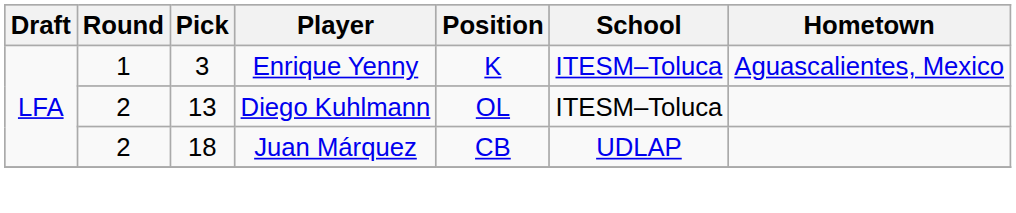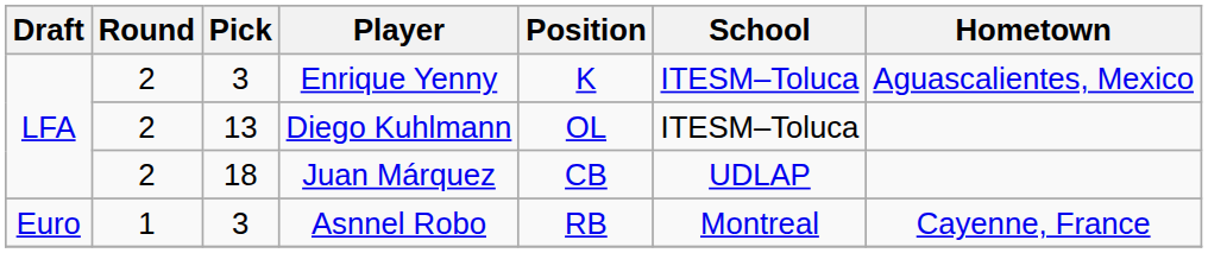 <table class="wikitable" style="font-size: 95%;">
 <tr>
 <th scope="col">Draft</th>
 <th scope="col">Round</th>
 <th scope="col">Pick</th>
 <th scope="col">Player</th>
 <th scope="col">Position</th>
 <th scope="col">School</th>
 <th scope="col">Hometown</th>
 </tr>
 <tr align="center">
 <td align=center rowspan="3"><a href='#'>LFA</a></td>
-<td>1</td>
+<td>2</td>
 <td>3</td>
 <td><a href='#'>Enrique Yenny</a></td>
 <td><a href='#'>K</a></td>
 <td><a href='#'>ITESM–Toluca</a></td>
 <td><a href='#'>Aguascalientes, Mexico</a></td>
 </tr>
 <tr align="center">
 <td align=center>2</td>
 <td>13</td>
 <td><a href='#'>Diego Kuhlmann</a></td>
 <td><a href='#'>OL</a></td>
 <td>ITESM–Toluca</td>
 <td></td>
 </tr>
 <tr align="center">
 <td align=center>2</td>
 <td>18</td>
 <td><a href='#'>Juan Márquez</a></td>
 <td><a href='#'>CB</a></td>
 <td><a href='#'>UDLAP</a></td>
 <td></td>
 </tr>
+<tr align="center">
+<td align=center><a href='#'>Euro</a></td>
+<td>1</td>
+<td>3</td>
+<td><a href='#'>Asnnel Robo</a></td>
+<td><a href='#'>RB</a></td>
+<td><a href='#'>Montreal</a></td>
+<td><a href='#'>Cayenne, France</a></td>
+</tr>
 <tr>
 </tr>
 </table>
